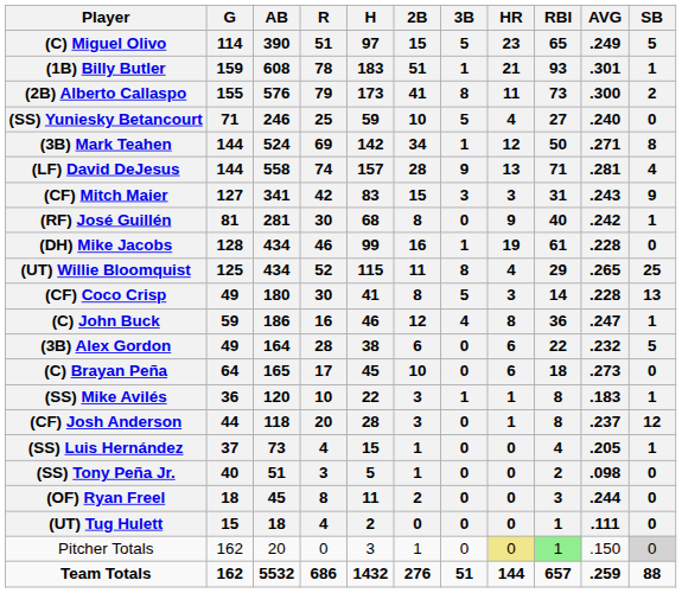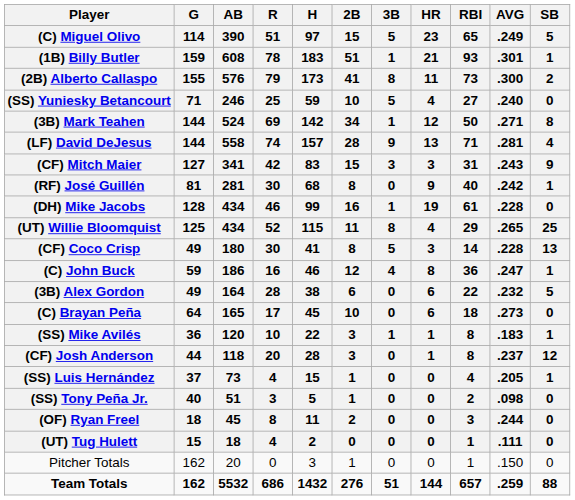 <table class="wikitable">
 <tr>
 <th bgcolor="#DDDDFF" width="30%">Player</th>
 <th bgcolor="#DDDDFF" width="7%">G</th>
 <th bgcolor="#DDDDFF" width="7%">AB</th>
 <th bgcolor="#DDDDFF" width="7%">R</th>
 <th bgcolor="#DDDDFF" width="7%">H</th>
 <th bgcolor="#DDDDFF" width="7%">2B</th>
 <th bgcolor="#DDDDFF" width="7%">3B</th>
 <th bgcolor="#DDDDFF" width="7%">HR</th>
 <th bgcolor="#DDDDFF" width="7%">RBI</th>
 <th bgcolor="#DDDDFF" width="7%">AVG</th>
 <th bgcolor="#DDDDFF" width="7%">SB</th>
 </tr>
 <tr>
 <th>(C) <a href='#'>Miguel Olivo</a></th>
 <th>114</th>
 <th>390</th>
 <th>51</th>
 <th>97</th>
 <th>15</th>
 <th>5</th>
 <th>23</th>
 <th>65</th>
 <th>.249</th>
 <th>5</th>
 </tr>
 <tr>
 <th>(1B) <a href='#'>Billy Butler</a></th>
 <th>159</th>
 <th>608</th>
 <th>78</th>
 <th>183</th>
 <th>51</th>
 <th>1</th>
 <th>21</th>
 <th>93</th>
 <th>.301</th>
 <th>1</th>
 </tr>
 <tr>
 <th>(2B) <a href='#'>Alberto Callaspo</a></th>
 <th>155</th>
 <th>576</th>
 <th>79</th>
 <th>173</th>
 <th>41</th>
 <th>8</th>
 <th>11</th>
 <th>73</th>
 <th>.300</th>
 <th>2</th>
 </tr>
 <tr>
 <th>(SS) <a href='#'>Yuniesky Betancourt</a></th>
 <th>71</th>
 <th>246</th>
 <th>25</th>
 <th>59</th>
 <th>10</th>
 <th>5</th>
 <th>4</th>
 <th>27</th>
 <th>.240</th>
 <th>0</th>
 </tr>
 <tr>
 <th>(3B) <a href='#'>Mark Teahen</a></th>
 <th>144</th>
 <th>524</th>
 <th>69</th>
 <th>142</th>
 <th>34</th>
 <th>1</th>
 <th>12</th>
 <th>50</th>
 <th>.271</th>
 <th>8</th>
 </tr>
 <tr>
 <th>(LF) <a href='#'>David DeJesus</a></th>
 <th>144</th>
 <th>558</th>
 <th>74</th>
 <th>157</th>
 <th>28</th>
 <th>9</th>
 <th>13</th>
 <th>71</th>
 <th>.281</th>
 <th>4</th>
 </tr>
 <tr>
 <th>(CF) <a href='#'>Mitch Maier</a></th>
 <th>127</th>
 <th>341</th>
 <th>42</th>
 <th>83</th>
 <th>15</th>
 <th>3</th>
 <th>3</th>
 <th>31</th>
 <th>.243</th>
 <th>9</th>
 </tr>
 <tr>
 <th>(RF) <a href='#'>José Guillén</a></th>
 <th>81</th>
 <th>281</th>
 <th>30</th>
 <th>68</th>
 <th>8</th>
 <th>0</th>
 <th>9</th>
 <th>40</th>
 <th>.242</th>
 <th>1</th>
 </tr>
 <tr>
 <th>(DH) <a href='#'>Mike Jacobs</a></th>
 <th>128</th>
 <th>434</th>
 <th>46</th>
 <th>99</th>
 <th>16</th>
 <th>1</th>
 <th>19</th>
 <th>61</th>
 <th>.228</th>
 <th>0</th>
 </tr>
 <tr>
 <th>(UT) <a href='#'>Willie Bloomquist</a></th>
 <th>125</th>
 <th>434</th>
 <th>52</th>
 <th>115</th>
 <th>11</th>
 <th>8</th>
 <th>4</th>
 <th>29</th>
 <th>.265</th>
 <th>25</th>
 </tr>
 <tr>
 <th>(CF) <a href='#'>Coco Crisp</a></th>
 <th>49</th>
 <th>180</th>
 <th>30</th>
 <th>41</th>
 <th>8</th>
 <th>5</th>
 <th>3</th>
 <th>14</th>
 <th>.228</th>
 <th>13</th>
 </tr>
 <tr>
 <th>(C) <a href='#'>John Buck</a></th>
 <th>59</th>
 <th>186</th>
 <th>16</th>
 <th>46</th>
 <th>12</th>
 <th>4</th>
 <th>8</th>
 <th>36</th>
 <th>.247</th>
 <th>1</th>
 </tr>
 <tr>
 <th>(3B) <a href='#'>Alex Gordon</a></th>
 <th>49</th>
 <th>164</th>
 <th>28</th>
 <th>38</th>
 <th>6</th>
 <th>0</th>
 <th>6</th>
 <th>22</th>
 <th>.232</th>
 <th>5</th>
 </tr>
 <tr>
 <th>(C) <a href='#'>Brayan Peña</a></th>
 <th>64</th>
 <th>165</th>
 <th>17</th>
 <th>45</th>
 <th>10</th>
 <th>0</th>
 <th>6</th>
 <th>18</th>
 <th>.273</th>
 <th>0</th>
 </tr>
 <tr>
 <th>(SS) <a href='#'>Mike Avilés</a></th>
 <th>36</th>
 <th>120</th>
 <th>10</th>
 <th>22</th>
 <th>3</th>
 <th>1</th>
 <th>1</th>
 <th>8</th>
 <th>.183</th>
 <th>1</th>
 </tr>
 <tr>
 <th>(CF) <a href='#'>Josh Anderson</a></th>
 <th>44</th>
 <th>118</th>
 <th>20</th>
 <th>28</th>
 <th>3</th>
 <th>0</th>
 <th>1</th>
 <th>8</th>
 <th>.237</th>
 <th>12</th>
 </tr>
 <tr>
 <th>(SS) <a href='#'>Luis Hernández</a></th>
 <th>37</th>
 <th>73</th>
 <th>4</th>
 <th>15</th>
 <th>1</th>
 <th>0</th>
 <th>0</th>
 <th>4</th>
 <th>.205</th>
 <th>1</th>
 </tr>
 <tr>
 <th>(SS) <a href='#'>Tony Peña Jr.</a></th>
 <th>40</th>
 <th>51</th>
 <th>3</th>
 <th>5</th>
 <th>1</th>
 <th>0</th>
 <th>0</th>
 <th>2</th>
 <th>.098</th>
 <th>0</th>
 </tr>
 <tr>
 <th>(OF) <a href='#'>Ryan Freel</a></th>
 <th>18</th>
 <th>45</th>
 <th>8</th>
 <th>11</th>
 <th>2</th>
 <th>0</th>
 <th>0</th>
 <th>3</th>
 <th>.244</th>
 <th>0</th>
 </tr>
 <tr>
 <th>(UT) <a href='#'>Tug Hulett</a></th>
 <th>15</th>
 <th>18</th>
 <th>4</th>
 <th>2</th>
 <th>0</th>
 <th>0</th>
 <th>0</th>
 <th>1</th>
 <th>.111</th>
 <th>0</th>
 </tr>
 <tr align=center>
 <td>Pitcher Totals</td>
 <td>162</td>
 <td>20</td>
 <td>0</td>
 <td>3</td>
 <td>1</td>
 <td>0</td>
-<td style="background: khaki;">0</td>
-<td style="background: lightgreen;">1</td>
+<td>0</td>
+<td>1</td>
 <td>.150</td>
-<td style="background: lightgrey;">0</td>
+<td>0</td>
 </tr>
 <tr align=center>
 <td><strong>Team Totals</strong></td>
 <td><strong>162</strong></td>
 <td><strong>5532</strong></td>
 <td><strong>686</strong></td>
 <td><strong>1432</strong></td>
 <td><strong>276</strong></td>
 <td><strong>51</strong></td>
 <td><strong>144</strong></td>
 <td><strong>657</strong></td>
 <td><strong>.259</strong></td>
 <td><strong>88</strong></td>
 </tr>
 </table>
